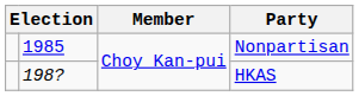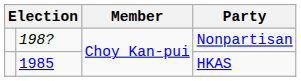 <table class="wikitable">
 <tr>
 <th colspan="2">Election</th>
 <th>Member</th>
 <th>Party</th>
 </tr>
 <tr>
 <td style="background-color: "></td>
-<td><a href='#'>1985</a></td>
+<td><em>198?</em></td>
 <td rowspan=2><a href='#'>Choy Kan-pui</a></td>
 <td><a href='#'>Nonpartisan</a></td>
 </tr>
 <tr>
 <td style="background-color: "></td>
-<td><em>198?</em></td>
+<td><a href='#'>1985</a></td>
 <td><a href='#'>HKAS</a></td>
 </tr>
 </table>
